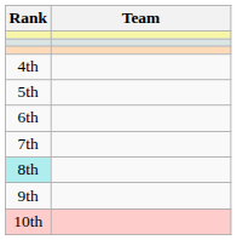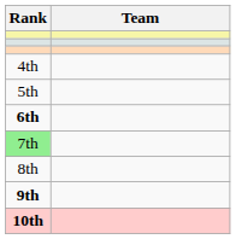 <table class="wikitable" style="text-align:center">
 <tr>
 <th>Rank</th>
 <th width=170>Team</th>
 </tr>
 <tr style="background:#f7f6a8;">
 <td></td>
 <td align=left></td>
 </tr>
 <tr style="background:#dce5e5;">
 <td></td>
 <td align=left></td>
 </tr>
 <tr style="background:#ffdab9;">
 <td></td>
 <td align=left></td>
 </tr>
 <tr>
 <td>4th</td>
 <td align=left></td>
 </tr>
 <tr>
 <td>5th</td>
 <td align=left></td>
 </tr>
 <tr>
-<td>6th</td>
+<td><strong>6th</strong></td>
 <td align=left></td>
 </tr>
 <tr>
-<td>7th</td>
+<td style="background: lightgreen;">7th</td>
 <td align=left></td>
 </tr>
 <tr>
-<td style="background: paleturquoise;">8th</td>
+<td>8th</td>
 <td align=left></td>
 </tr>
 <tr>
-<td>9th</td>
+<td><strong>9th</strong></td>
 <td align=left></td>
 </tr>
 <tr style="text-align:center; background:#ffcccc;">
-<td>10th</td>
+<td><strong>10th</strong></td>
 <td align=left></td>
 </tr>
 </table>
